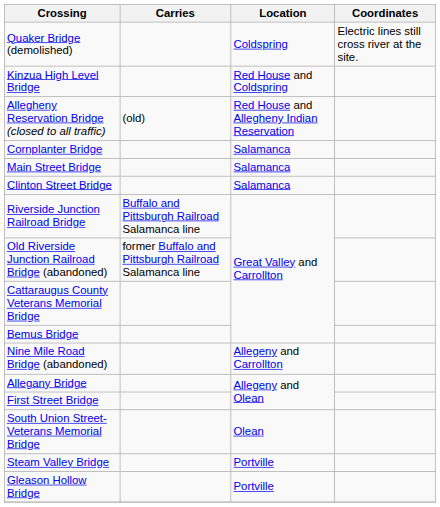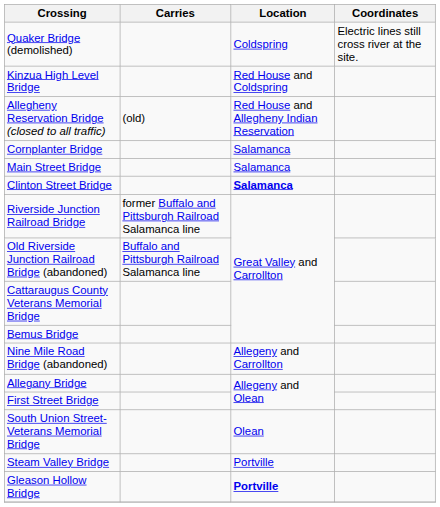 <table class=wikitable>
 <tr>
 <th>Crossing</th>
 <th>Carries</th>
 <th>Location</th>
 <th>Coordinates</th>
 </tr>
 <tr>
 <td><a href='#'>Quaker Bridge</a> (demolished)</td>
 <td></td>
 <td><a href='#'>Coldspring</a></td>
 <td>Electric lines still cross river at the site.</td>
 </tr>
 <tr>
 <td><a href='#'>Kinzua High Level Bridge</a></td>
 <td></td>
 <td><a href='#'>Red House</a> and <a href='#'>Coldspring</a></td>
 <td></td>
 </tr>
 <tr>
 <td><a href='#'>Allegheny Reservation Bridge</a> <em>(closed to all traffic)</em></td>
 <td> (old)</td>
 <td><a href='#'>Red House</a> and <a href='#'>Allegheny Indian Reservation</a></td>
 <td></td>
 </tr>
 <tr>
 <td><a href='#'>Cornplanter Bridge</a></td>
 <td></td>
 <td><a href='#'>Salamanca</a></td>
 <td></td>
 </tr>
 <tr>
 <td><a href='#'>Main Street Bridge</a></td>
 <td></td>
 <td><a href='#'>Salamanca</a></td>
 <td></td>
 </tr>
 <tr>
 <td><a href='#'>Clinton Street Bridge</a></td>
 <td></td>
-<td><a href='#'>Salamanca</a></td>
+<td><strong><a href='#'>Salamanca</a></strong></td>
 <td></td>
 </tr>
 <tr>
 <td><a href='#'>Riverside Junction Railroad Bridge</a></td>
-<td><a href='#'>Buffalo and Pittsburgh Railroad</a> Salamanca line</td>
+<td>former <a href='#'>Buffalo and Pittsburgh Railroad</a> Salamanca line</td>
 <td rowspan=4><a href='#'>Great Valley</a> and <a href='#'>Carrollton</a></td>
 <td></td>
 </tr>
 <tr>
 <td><a href='#'>Old Riverside Junction Railroad Bridge</a> (abandoned)</td>
-<td>former <a href='#'>Buffalo and Pittsburgh Railroad</a> Salamanca line</td>
+<td><a href='#'>Buffalo and Pittsburgh Railroad</a> Salamanca line</td>
 <td></td>
 </tr>
 <tr>
 <td><a href='#'>Cattaraugus County Veterans Memorial Bridge</a></td>
 <td></td>
 <td></td>
 </tr>
 <tr>
 <td><a href='#'>Bemus Bridge</a></td>
 <td></td>
 <td></td>
 </tr>
 <tr>
 <td><a href='#'>Nine Mile Road Bridge</a> (abandoned)</td>
 <td></td>
 <td><a href='#'>Allegeny</a> and <a href='#'>Carrollton</a></td>
 <td></td>
 </tr>
 <tr>
 <td><a href='#'>Allegany Bridge</a></td>
 <td></td>
 <td rowspan=2><a href='#'>Allegeny</a> and <a href='#'>Olean</a></td>
 <td></td>
 </tr>
 <tr>
 <td><a href='#'>First Street Bridge</a></td>
 <td></td>
 <td></td>
 </tr>
 <tr>
 <td><a href='#'>South Union Street- Veterans Memorial Bridge</a></td>
 <td></td>
 <td><a href='#'>Olean</a></td>
 <td></td>
 </tr>
 <tr>
 <td><a href='#'>Steam Valley Bridge</a></td>
 <td></td>
 <td><a href='#'>Portville</a></td>
 <td></td>
 </tr>
 <tr>
 <td><a href='#'>Gleason Hollow Bridge</a></td>
 <td></td>
-<td><a href='#'>Portville</a></td>
+<td><strong><a href='#'>Portville</a></strong></td>
 <td></td>
 </tr>
 <tr>
 </tr>
 </table>
